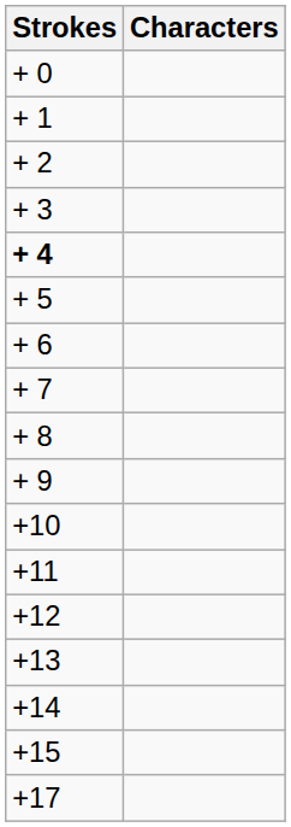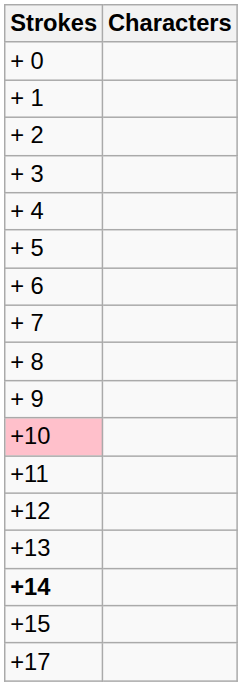 <table class="wikitable">
 <tr>
 <th>Strokes</th>
 <th>Characters</th>
 </tr>
 <tr>
 <td>+ 0</td>
 <td style="font-size: large;">     </td>
 </tr>
 <tr>
 <td>+ 1</td>
 <td style="font-size: large;"></td>
 </tr>
 <tr>
 <td>+ 2</td>
 <td style="font-size: large;">    </td>
 </tr>
 <tr>
 <td>+ 3</td>
 <td style="font-size: large;">         </td>
 </tr>
 <tr>
-<td><strong>+ 4</strong></td>
+<td>+ 4</td>
 <td style="font-size: large;">             </td>
 </tr>
 <tr>
 <td>+ 5</td>
 <td style="font-size: large;">            </td>
 </tr>
 <tr>
 <td>+ 6</td>
 <td style="font-size: large;">         </td>
 </tr>
 <tr>
 <td>+ 7</td>
 <td style="font-size: large;">         </td>
 </tr>
 <tr>
 <td>+ 8</td>
 <td style="font-size: large;">     </td>
 </tr>
 <tr>
 <td>+ 9</td>
 <td style="font-size: large;">  </td>
 </tr>
 <tr>
-<td>+10</td>
+<td style="background: pink;">+10</td>
 <td style="font-size: large;"> </td>
 </tr>
 <tr>
 <td>+11</td>
 <td style="font-size: large;">  </td>
 </tr>
 <tr>
 <td>+12</td>
 <td style="font-size: large;"> </td>
 </tr>
 <tr>
 <td>+13</td>
 <td style="font-size: large;"></td>
 </tr>
 <tr>
-<td>+14</td>
+<td><strong>+14</strong></td>
 <td style="font-size: large;"> </td>
 </tr>
 <tr>
 <td>+15</td>
 <td style="font-size: large;"></td>
 </tr>
 <tr>
 <td>+17</td>
 <td style="font-size: large;"> </td>
 </tr>
 </table>
